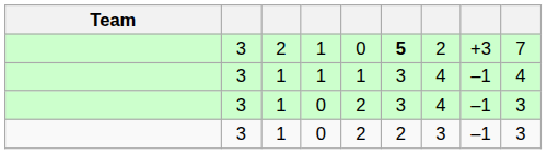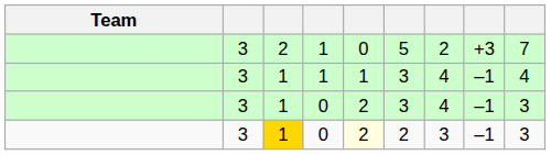 <table class="wikitable" style="text-align: center; font-size: 90%;">
 <tr>
 <th width=165>Team</th>
 <th width=25></th>
 <th width=25></th>
 <th width=25></th>
 <th width=25></th>
 <th width=25></th>
 <th width=25></th>
 <th width=25></th>
 <th width=25></th>
 </tr>
 <tr style="background:#cfc;">
 <td align="left"></td>
 <td>3</td>
 <td>2</td>
 <td>1</td>
 <td>0</td>
-<td><strong>5</strong></td>
+<td>5</td>
 <td>2</td>
 <td>+3</td>
 <td>7</td>
 </tr>
 <tr style="background:#cfc;">
 <td align="left"></td>
 <td>3</td>
 <td>1</td>
 <td>1</td>
 <td>1</td>
 <td>3</td>
 <td>4</td>
 <td>–1</td>
 <td>4</td>
 </tr>
 <tr style="background:#cfc;">
 <td align="left"></td>
 <td>3</td>
 <td>1</td>
 <td>0</td>
 <td>2</td>
 <td>3</td>
 <td>4</td>
 <td>–1</td>
 <td>3</td>
 </tr>
 <tr>
 <td align="left"></td>
 <td>3</td>
-<td>1</td>
+<td style="background: gold;">1</td>
 <td>0</td>
-<td>2</td>
+<td style="background: lightyellow;">2</td>
 <td>2</td>
 <td>3</td>
 <td>–1</td>
 <td>3</td>
 </tr>
 </table>
